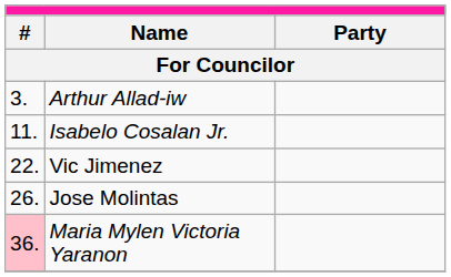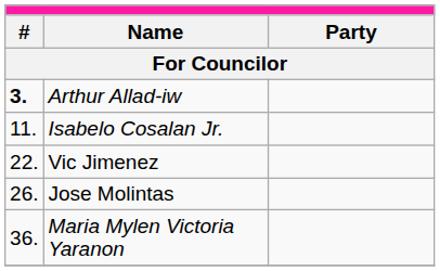 <table class="wikitable" style="font-size:90%">
 <tr>
 <td colspan="5" bgcolor="#FE18A3"></td>
 </tr>
 <tr>
 <th>#</th>
 <th width=150px>Name</th>
 <th colspan=2 width=110px>Party</th>
 </tr>
 <tr>
 <th colspan=5>For Councilor</th>
 </tr>
 <tr>
-<td>3.</td>
+<td><strong>3.</strong></td>
 <td><em>Arthur Allad-iw</em></td>
 <td></td>
 </tr>
 <tr>
 <td>11.</td>
 <td><em>Isabelo Cosalan Jr.</em></td>
 <td></td>
 </tr>
 <tr>
 <td>22.</td>
 <td>Vic Jimenez</td>
 <td></td>
 </tr>
 <tr>
 <td>26.</td>
 <td>Jose Molintas</td>
 <td></td>
 </tr>
 <tr>
-<td style="background: pink;">36.</td>
+<td>36.</td>
 <td><em>Maria Mylen Victoria Yaranon</em></td>
 <td></td>
 </tr>
 <tr>
 </tr>
 </table>
